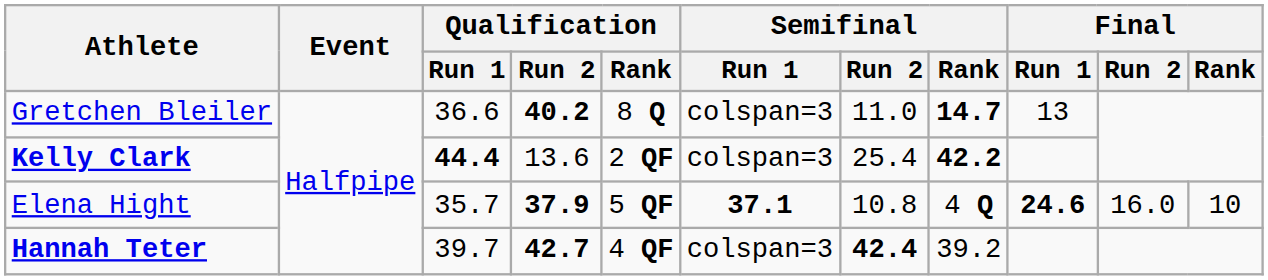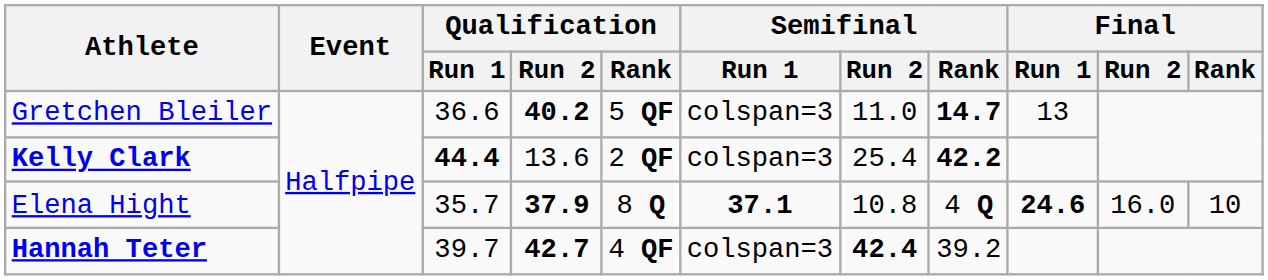 <table class=wikitable style=font-size:90%;text-align:center>
 <tr>
 <th rowspan=2>Athlete</th>
 <th rowspan=2>Event</th>
 <th colspan=3>Qualification</th>
 <th colspan=3>Semifinal</th>
 <th colspan=3>Final</th>
 </tr>
 <tr style=font-size:95%>
 <th>Run 1</th>
 <th>Run 2</th>
 <th>Rank</th>
 <th>Run 1</th>
 <th>Run 2</th>
 <th>Rank</th>
 <th>Run 1</th>
 <th>Run 2</th>
 <th>Rank</th>
 </tr>
 <tr>
 <td align=left><a href='#'>Gretchen Bleiler</a></td>
 <td align=left rowspan=4><a href='#'>Halfpipe</a></td>
 <td>36.6</td>
 <td><strong>40.2</strong></td>
-<td>8 <strong>Q</strong></td>
+<td>5 <strong>QF</strong></td>
 <td>colspan=3 </td>
 <td>11.0</td>
 <td><strong>14.7</strong></td>
 <td>13</td>
 </tr>
 <tr>
 <td align=left><strong><a href='#'>Kelly Clark</a></strong></td>
 <td><strong>44.4</strong></td>
 <td>13.6</td>
 <td>2 <strong>QF</strong></td>
 <td>colspan=3 </td>
 <td>25.4</td>
 <td><strong>42.2</strong></td>
 <td></td>
 </tr>
 <tr>
 <td align=left><a href='#'>Elena Hight</a></td>
 <td>35.7</td>
 <td><strong>37.9</strong></td>
-<td>5 <strong>QF</strong></td>
+<td>8 <strong>Q</strong></td>
 <td><strong>37.1</strong></td>
 <td>10.8</td>
 <td>4 <strong>Q</strong></td>
 <td><strong>24.6</strong></td>
 <td>16.0</td>
 <td>10</td>
 </tr>
 <tr>
 <td align=left><strong><a href='#'>Hannah Teter</a></strong></td>
 <td>39.7</td>
 <td><strong>42.7</strong></td>
 <td>4 <strong>QF</strong></td>
 <td>colspan=3 </td>
 <td><strong>42.4</strong></td>
 <td>39.2</td>
 <td></td>
 </tr>
 </table>
